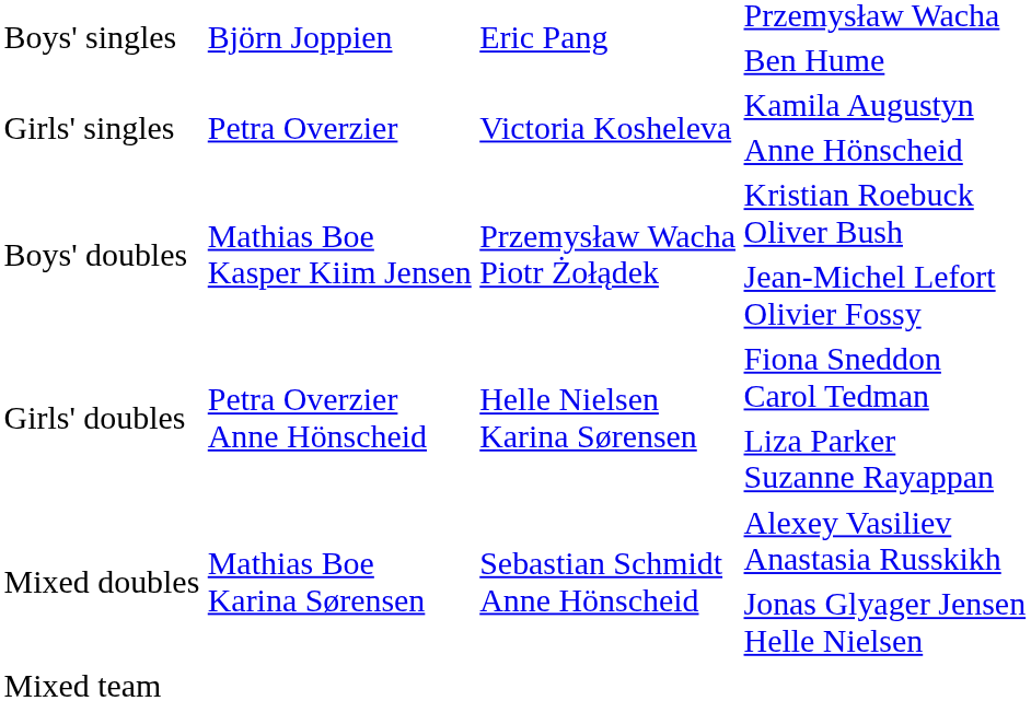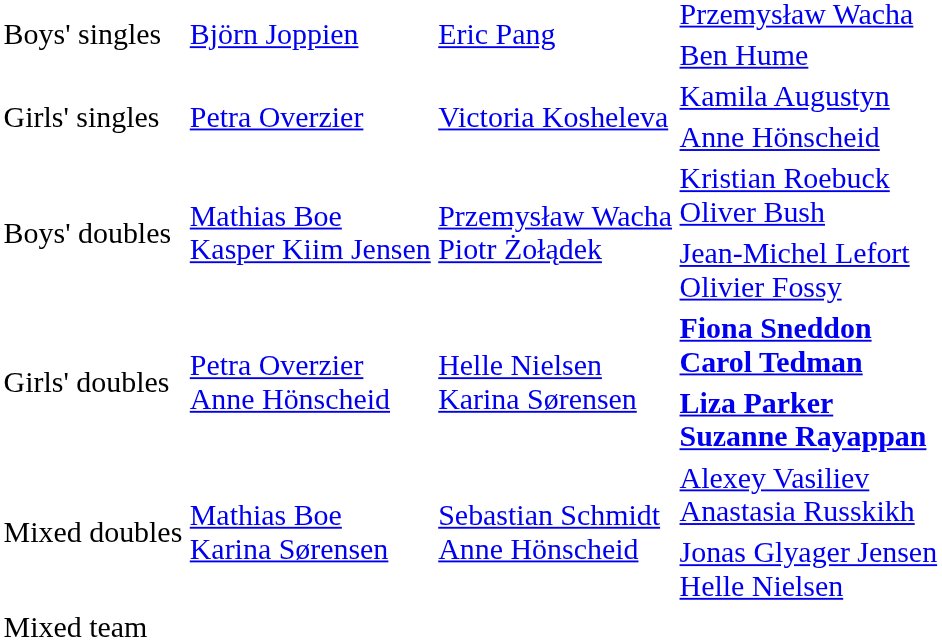 <table>
 <tr>
 <td rowspan=2>Boys' singles</td>
 <td rowspan=2> <a href='#'>Björn Joppien</a></td>
 <td rowspan=2> <a href='#'>Eric Pang</a></td>
 <td> <a href='#'>Przemysław Wacha</a></td>
 </tr>
 <tr>
 <td> <a href='#'>Ben Hume</a></td>
 </tr>
 <tr>
 <td rowspan=2>Girls' singles</td>
 <td rowspan=2> <a href='#'>Petra Overzier</a></td>
 <td rowspan=2> <a href='#'>Victoria Kosheleva</a></td>
 <td> <a href='#'>Kamila Augustyn</a></td>
 </tr>
 <tr>
 <td> <a href='#'>Anne Hönscheid</a></td>
 </tr>
 <tr>
 <td rowspan=2>Boys' doubles</td>
 <td rowspan=2> <a href='#'>Mathias Boe</a> <br>  <a href='#'>Kasper Kiim Jensen</a></td>
 <td rowspan=2> <a href='#'>Przemysław Wacha</a> <br>  <a href='#'>Piotr Żołądek</a></td>
 <td> <a href='#'>Kristian Roebuck</a> <br>  <a href='#'>Oliver Bush</a></td>
 </tr>
 <tr>
 <td> <a href='#'>Jean-Michel Lefort</a> <br>  <a href='#'>Olivier Fossy</a></td>
 </tr>
 <tr>
 <td rowspan=2>Girls' doubles</td>
 <td rowspan=2> <a href='#'>Petra Overzier</a> <br>  <a href='#'>Anne Hönscheid</a></td>
 <td rowspan=2> <a href='#'>Helle Nielsen</a> <br>  <a href='#'>Karina Sørensen</a></td>
-<td> <a href='#'>Fiona Sneddon</a> <br>  <a href='#'>Carol Tedman</a></td>
+<td><strong> <a href='#'>Fiona Sneddon</a> <br>  <a href='#'>Carol Tedman</a></strong></td>
 </tr>
 <tr>
-<td> <a href='#'>Liza Parker</a> <br>  <a href='#'>Suzanne Rayappan</a></td>
+<td><strong> <a href='#'>Liza Parker</a> <br>  <a href='#'>Suzanne Rayappan</a></strong></td>
 </tr>
 <tr>
 <td rowspan=2>Mixed doubles</td>
 <td rowspan=2> <a href='#'>Mathias Boe</a> <br>  <a href='#'>Karina Sørensen</a></td>
 <td rowspan=2> <a href='#'>Sebastian Schmidt</a> <br>  <a href='#'>Anne Hönscheid</a></td>
 <td> <a href='#'>Alexey Vasiliev</a> <br>  <a href='#'>Anastasia Russkikh</a></td>
 </tr>
 <tr>
 <td> <a href='#'>Jonas Glyager Jensen</a> <br>  <a href='#'>Helle Nielsen</a></td>
 </tr>
 <tr>
 <td>Mixed team</td>
 <td></td>
 <td></td>
 <td></td>
 </tr>
 </table>
